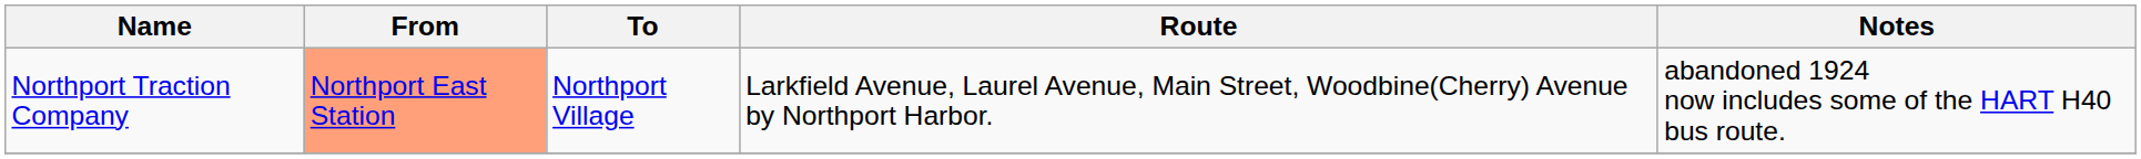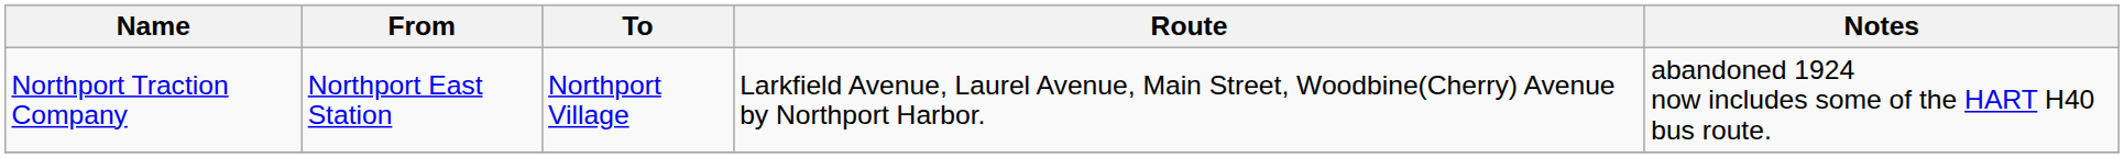 <table class=wikitable>
 <tr>
 <th>Name</th>
 <th>From</th>
 <th>To</th>
 <th>Route</th>
 <th>Notes</th>
 </tr>
 <tr>
 <td><a href='#'>Northport Traction Company</a></td>
-<td style="background: lightsalmon;"><a href='#'>Northport East Station</a></td>
+<td><a href='#'>Northport East Station</a></td>
 <td><a href='#'>Northport Village</a></td>
 <td>Larkfield Avenue, Laurel Avenue, Main Street, Woodbine(Cherry) Avenue by Northport Harbor.</td>
 <td>abandoned 1924<br>now includes some of the <a href='#'>HART</a> H40 bus route.</td>
 </tr>
 <tr>
 </tr>
 </table>
